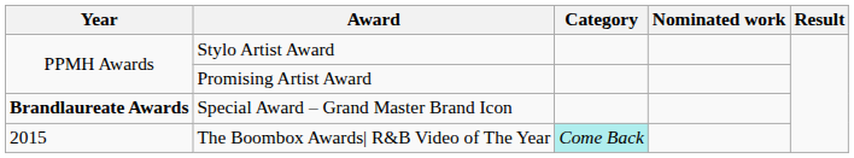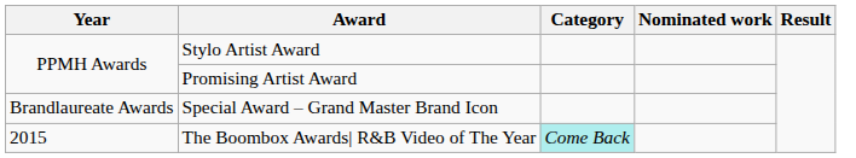 <table class="wikitable">
 <tr>
 <th>Year</th>
 <th>Award</th>
 <th>Category</th>
 <th>Nominated work</th>
 <th>Result</th>
 </tr>
 <tr>
 <td rowspan="2" style="text-align: center;">PPMH Awards</td>
 <td>Stylo Artist Award</td>
 <td></td>
 <td></td>
 </tr>
 <tr>
 <td>Promising Artist Award</td>
 <td></td>
 <td></td>
 </tr>
 <tr>
-<td style="text-align: center;"><strong>Brandlaureate Awards</strong></td>
+<td style="text-align: center;">Brandlaureate Awards</td>
 <td>Special Award – Grand Master Brand Icon</td>
 <td></td>
 <td></td>
 </tr>
 <tr>
 <td rowspan="2">2015</td>
 <td style="text-align: center;">The Boombox Awards| R&B Video of The Year</td>
 <td style="background: paleturquoise; text-align:center;"><em>Come Back</em></td>
 <td></td>
 </tr>
 </table>
